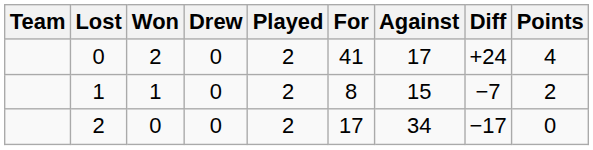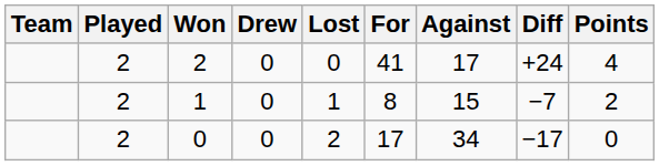 <table class="wikitable" style="text-align:center">
 <tr>
 <th>Team</th>
-<th>Lost</th>
+<th>Played</th>
 <th>Won</th>
 <th>Drew</th>
-<th>Played</th>
+<th>Lost</th>
 <th>For</th>
 <th>Against</th>
 <th>Diff</th>
 <th>Points</th>
 </tr>
 <tr>
 <td align=left></td>
-<td>0</td>
+<td>2</td>
 <td>2</td>
 <td>0</td>
-<td>2</td>
+<td>0</td>
 <td>41</td>
 <td>17</td>
 <td>+24</td>
 <td>4</td>
 </tr>
 <tr>
 <td align=left></td>
-<td>1</td>
+<td>2</td>
 <td>1</td>
 <td>0</td>
-<td>2</td>
+<td>1</td>
 <td>8</td>
 <td>15</td>
 <td>−7</td>
 <td>2</td>
 </tr>
 <tr>
 <td align=left></td>
 <td>2</td>
 <td>0</td>
 <td>0</td>
 <td>2</td>
 <td>17</td>
 <td>34</td>
 <td>−17</td>
 <td>0</td>
 </tr>
 </table>
